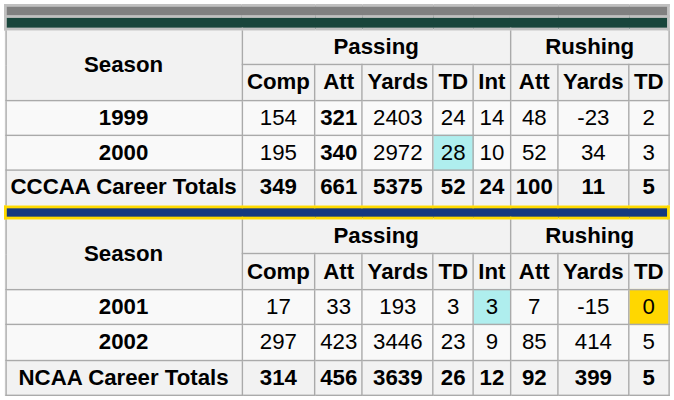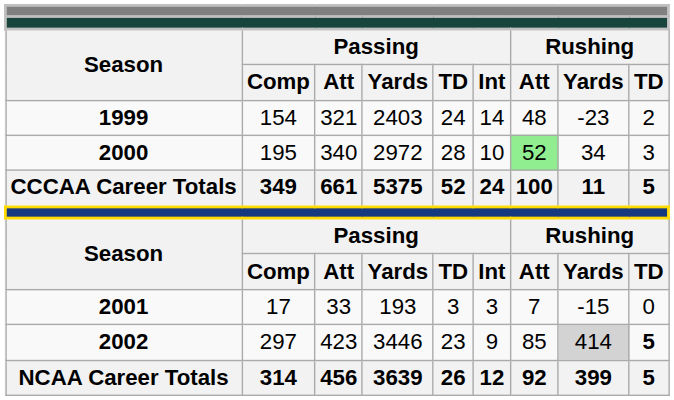 <table class=wikitable style="text-align:center;">
 <tr>
 <td ! colspan="12" style="background:gray; border:2px solid silver; color:white;"></td>
 </tr>
 <tr>
 <td ! colspan="12" style="background:#18453B; border:2px solid silver; color:white;"></td>
 </tr>
 <tr>
 <th rowspan=2>Season</th>
 <th colspan=5>Passing</th>
 <th colspan=3>Rushing</th>
 </tr>
 <tr>
 <th>Comp</th>
 <th>Att</th>
 <th>Yards</th>
 <th>TD</th>
 <th>Int</th>
 <th>Att</th>
 <th>Yards</th>
 <th>TD</th>
 </tr>
 <tr>
 <td><strong>1999</strong></td>
 <td>154</td>
-<td><strong>321</strong></td>
+<td>321</td>
 <td>2403</td>
 <td>24</td>
 <td>14</td>
 <td>48</td>
 <td>-23</td>
 <td>2</td>
 </tr>
 <tr>
 <td><strong>2000</strong></td>
 <td>195</td>
-<td><strong>340</strong></td>
+<td>340</td>
 <td>2972</td>
-<td style="background: paleturquoise;">28</td>
+<td>28</td>
 <td>10</td>
-<td>52</td>
+<td style="background: lightgreen;">52</td>
 <td>34</td>
 <td>3</td>
 </tr>
 <tr>
 <th>CCCAA Career Totals</th>
 <th>349</th>
 <th>661</th>
 <th>5375</th>
 <th>52</th>
 <th>24</th>
 <th>100</th>
 <th>11</th>
 <th>5</th>
 </tr>
 <tr>
 <td ! colspan="12" style="background: #15397F; border: 2px solid #FFDA00; color:white;"></td>
 </tr>
 <tr>
 <th rowspan=2>Season</th>
 <th colspan=5>Passing</th>
 <th colspan=3>Rushing</th>
 </tr>
 <tr>
 <th>Comp</th>
 <th>Att</th>
 <th>Yards</th>
 <th>TD</th>
 <th>Int</th>
 <th>Att</th>
 <th>Yards</th>
 <th>TD</th>
 </tr>
 <tr>
 <td><strong>2001</strong></td>
 <td>17</td>
 <td>33</td>
 <td>193</td>
 <td>3</td>
-<td style="background: paleturquoise;">3</td>
+<td>3</td>
 <td>7</td>
 <td>-15</td>
-<td style="background: gold;">0</td>
+<td>0</td>
 </tr>
 <tr>
 <td><strong>2002</strong></td>
 <td>297</td>
 <td>423</td>
 <td>3446</td>
 <td>23</td>
 <td>9</td>
 <td>85</td>
-<td>414</td>
-<td>5</td>
+<td style="background: lightgrey;">414</td>
+<td><strong>5</strong></td>
 </tr>
 <tr>
 <th>NCAA Career Totals</th>
 <th>314</th>
 <th>456</th>
 <th>3639</th>
 <th>26</th>
 <th>12</th>
 <th>92</th>
 <th>399</th>
 <th>5</th>
 </tr>
 </table>
